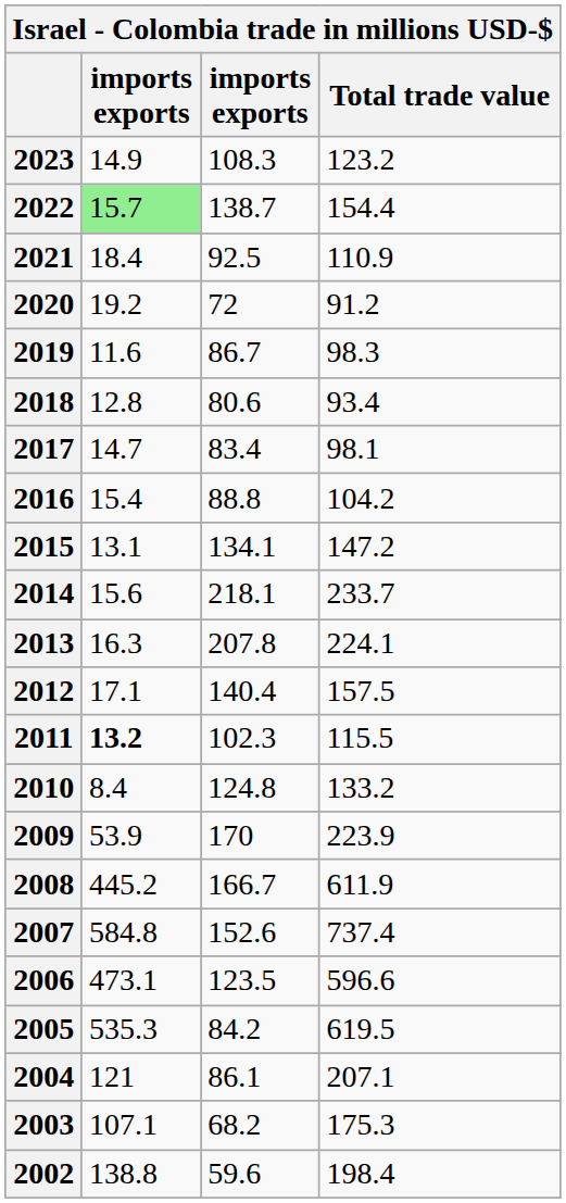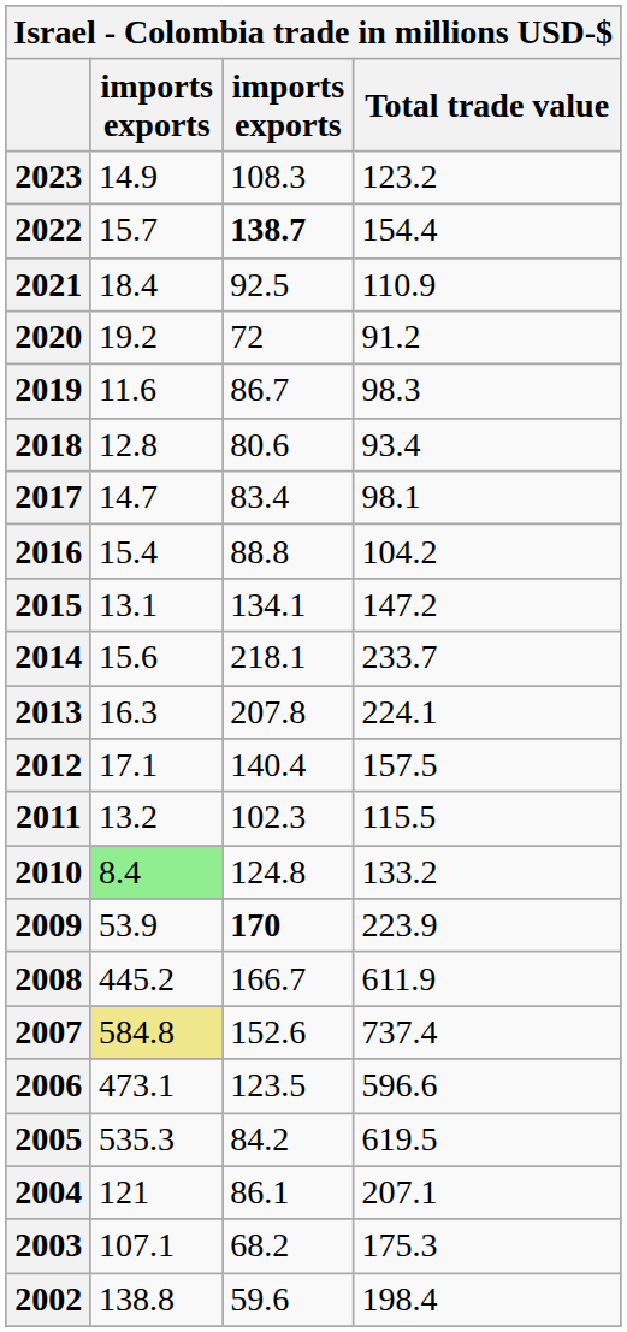 <table class="wikitable mw-collapsible mw-collapsed">
 <tr>
 <th colspan="4">Israel - Colombia trade in millions USD-$ </th>
 </tr>
 <tr>
 <th></th>
 <th> imports<br> exports</th>
 <th> imports<br> exports</th>
 <th>Total trade value</th>
 </tr>
 <tr>
 <th>2023</th>
 <td>14.9</td>
 <td>108.3</td>
 <td>123.2</td>
 </tr>
 <tr>
 <th>2022</th>
-<td style="background: lightgreen;">15.7</td>
-<td>138.7</td>
+<td>15.7</td>
+<td><strong>138.7</strong></td>
 <td>154.4</td>
 </tr>
 <tr>
 <th>2021</th>
 <td>18.4</td>
 <td>92.5</td>
 <td>110.9</td>
 </tr>
 <tr>
 <th>2020</th>
 <td>19.2</td>
 <td>72</td>
 <td>91.2</td>
 </tr>
 <tr>
 <th>2019</th>
 <td>11.6</td>
 <td>86.7</td>
 <td>98.3</td>
 </tr>
 <tr>
 <th>2018</th>
 <td>12.8</td>
 <td>80.6</td>
 <td>93.4</td>
 </tr>
 <tr>
 <th>2017</th>
 <td>14.7</td>
 <td>83.4</td>
 <td>98.1</td>
 </tr>
 <tr>
 <th>2016</th>
 <td>15.4</td>
 <td>88.8</td>
 <td>104.2</td>
 </tr>
 <tr>
 <th>2015</th>
 <td>13.1</td>
 <td>134.1</td>
 <td>147.2</td>
 </tr>
 <tr>
 <th>2014</th>
 <td>15.6</td>
 <td>218.1</td>
 <td>233.7</td>
 </tr>
 <tr>
 <th>2013</th>
 <td>16.3</td>
 <td>207.8</td>
 <td>224.1</td>
 </tr>
 <tr>
 <th>2012</th>
 <td>17.1</td>
 <td>140.4</td>
 <td>157.5</td>
 </tr>
 <tr>
 <th>2011</th>
-<td><strong>13.2</strong></td>
+<td>13.2</td>
 <td>102.3</td>
 <td>115.5</td>
 </tr>
 <tr>
 <th>2010</th>
-<td>8.4</td>
+<td style="background: lightgreen;">8.4</td>
 <td>124.8</td>
 <td>133.2</td>
 </tr>
 <tr>
 <th>2009</th>
 <td>53.9</td>
-<td>170</td>
+<td><strong>170</strong></td>
 <td>223.9</td>
 </tr>
 <tr>
 <th>2008</th>
 <td>445.2</td>
 <td>166.7</td>
 <td>611.9</td>
 </tr>
 <tr>
 <th>2007</th>
-<td>584.8</td>
+<td style="background: khaki;">584.8</td>
 <td>152.6</td>
 <td>737.4</td>
 </tr>
 <tr>
 <th>2006</th>
 <td>473.1</td>
 <td>123.5</td>
 <td>596.6</td>
 </tr>
 <tr>
 <th>2005</th>
 <td>535.3</td>
 <td>84.2</td>
 <td>619.5</td>
 </tr>
 <tr>
 <th>2004</th>
 <td>121</td>
 <td>86.1</td>
 <td>207.1</td>
 </tr>
 <tr>
 <th>2003</th>
 <td>107.1</td>
 <td>68.2</td>
 <td>175.3</td>
 </tr>
 <tr>
 <th>2002</th>
 <td>138.8</td>
 <td>59.6</td>
 <td>198.4</td>
 </tr>
 </table>
